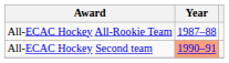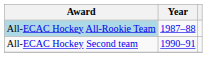 <table class="wikitable">
 <tr>
 <th>Award</th>
 <th>Year</th>
 <th></th>
 </tr>
 <tr>
-<td>All-<a href='#'>ECAC Hockey</a> <a href='#'>All-Rookie Team</a></td>
+<td style="background: lightblue;">All-<a href='#'>ECAC Hockey</a> <a href='#'>All-Rookie Team</a></td>
 <td><a href='#'>1987–88</a></td>
 <td></td>
 </tr>
 <tr>
 <td>All-<a href='#'>ECAC Hockey</a> <a href='#'>Second team</a></td>
-<td style="background: lightsalmon;"><a href='#'>1990–91</a></td>
+<td><a href='#'>1990–91</a></td>
 <td></td>
 </tr>
 <tr>
 </tr>
 </table>
